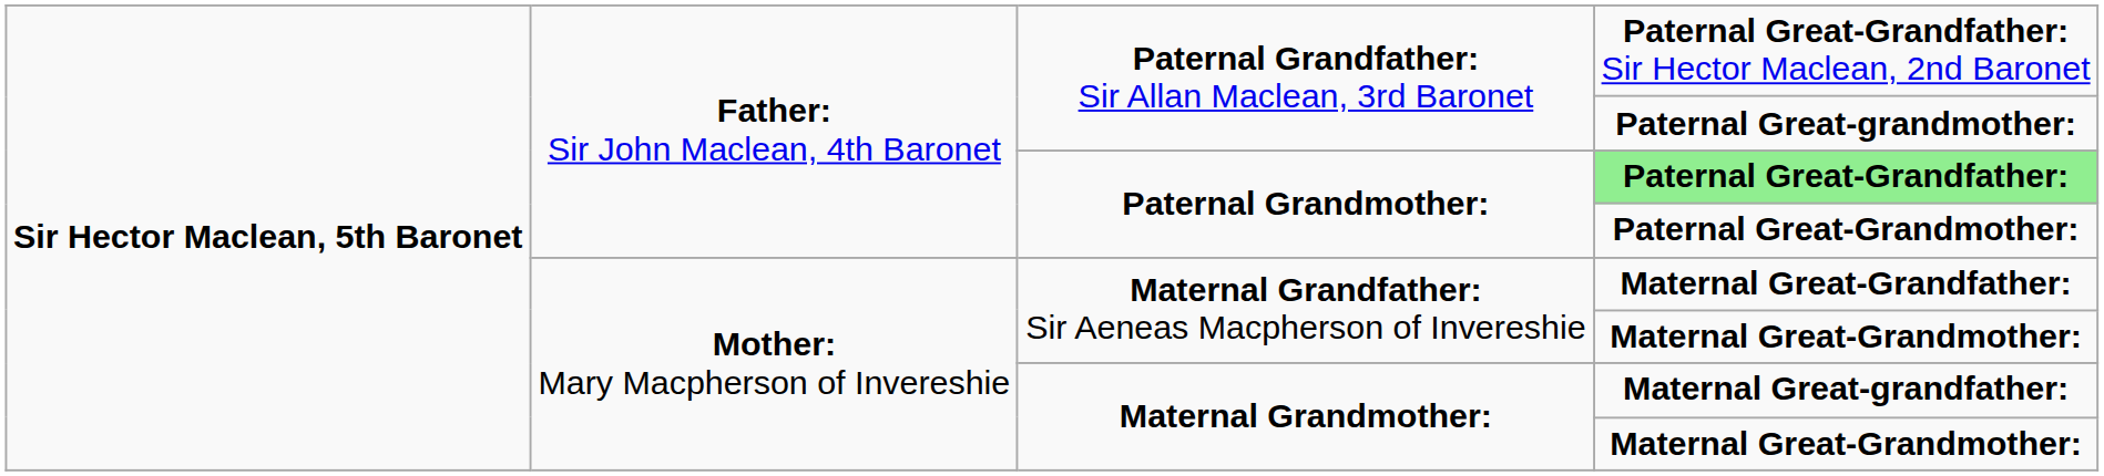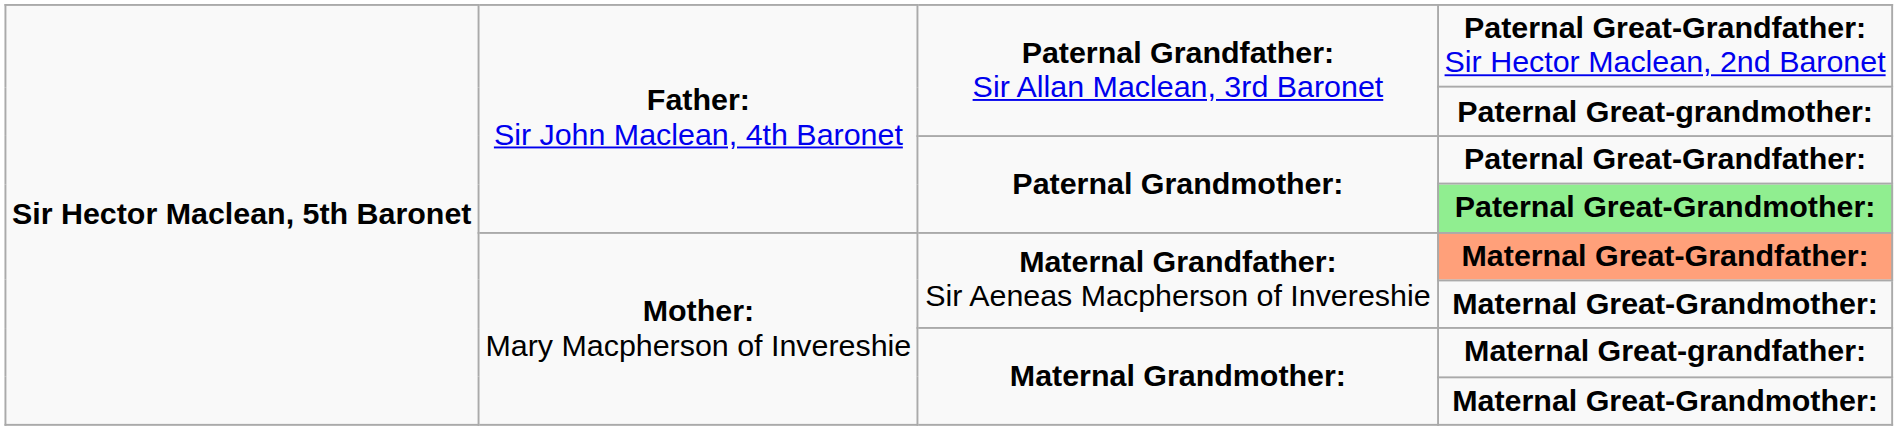 <table class="wikitable" style="margin:0.3em auto">
 <tr style="text-align:center;">
 <td rowspan="8"><strong>Sir Hector Maclean, 5th Baronet</strong></td>
 <td rowspan="4"><strong>Father:</strong><br><a href='#'>Sir John Maclean, 4th Baronet</a></td>
 <td rowspan="2"><strong>Paternal Grandfather:</strong><br><a href='#'>Sir Allan Maclean, 3rd Baronet</a></td>
 <td><strong>Paternal Great-Grandfather:</strong><br><a href='#'>Sir Hector Maclean, 2nd Baronet</a></td>
 </tr>
 <tr>
 <td style="text-align:center;"><strong>Paternal Great-grandmother:</strong><br></td>
 </tr>
 <tr style="text-align:center;">
 <td rowspan="2"><strong>Paternal Grandmother:</strong><br></td>
-<td style="background: lightgreen;"><strong>Paternal Great-Grandfather:</strong><br></td>
+<td><strong>Paternal Great-Grandfather:</strong><br></td>
 </tr>
 <tr>
-<td style="text-align:center;"><strong>Paternal Great-Grandmother:</strong><br></td>
+<td style="background: lightgreen; text-align:center;"><strong>Paternal Great-Grandmother:</strong><br></td>
 </tr>
 <tr style="text-align:center;">
 <td rowspan="4"><strong>Mother:</strong><br>Mary Macpherson of Invereshie</td>
 <td rowspan="2"><strong>Maternal Grandfather:</strong><br>Sir Aeneas Macpherson of Invereshie</td>
-<td><strong>Maternal Great-Grandfather:</strong><br></td>
+<td style="background: lightsalmon;"><strong>Maternal Great-Grandfather:</strong><br></td>
 </tr>
 <tr>
 <td style="text-align:center;"><strong>Maternal Great-Grandmother:</strong><br></td>
 </tr>
 <tr style="text-align:center;">
 <td rowspan="2"><strong>Maternal Grandmother:</strong><br></td>
 <td><strong>Maternal Great-grandfather:</strong><br></td>
 </tr>
 <tr>
 <td style="text-align:center;"><strong>Maternal Great-Grandmother:</strong><br></td>
 </tr>
 </table>
